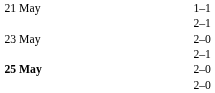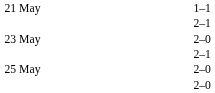 <table cellspacing=1 width=70%>
 <tr>
 <th width=25%></th>
 <th width=30%></th>
 <th width=15%></th>
 <th width=30%></th>
 </tr>
 <tr>
 <td>21 May</td>
 <td align=right></td>
 <td align=center>1–1</td>
 <td></td>
 </tr>
 <tr>
 <td></td>
 <td align=right></td>
 <td align=center>2–1</td>
 <td></td>
 </tr>
 <tr>
 <td>23 May</td>
 <td align=right></td>
 <td align=center>2–0</td>
 <td></td>
 </tr>
 <tr>
 <td></td>
 <td align=right></td>
 <td align=center>2–1</td>
 <td></td>
 </tr>
 <tr>
-<td><strong>25 May</strong></td>
+<td>25 May</td>
 <td align=right></td>
 <td align=center>2–0</td>
 <td></td>
 </tr>
 <tr>
 <td></td>
 <td align=right></td>
 <td align=center>2–0</td>
 <td></td>
 </tr>
 </table>
